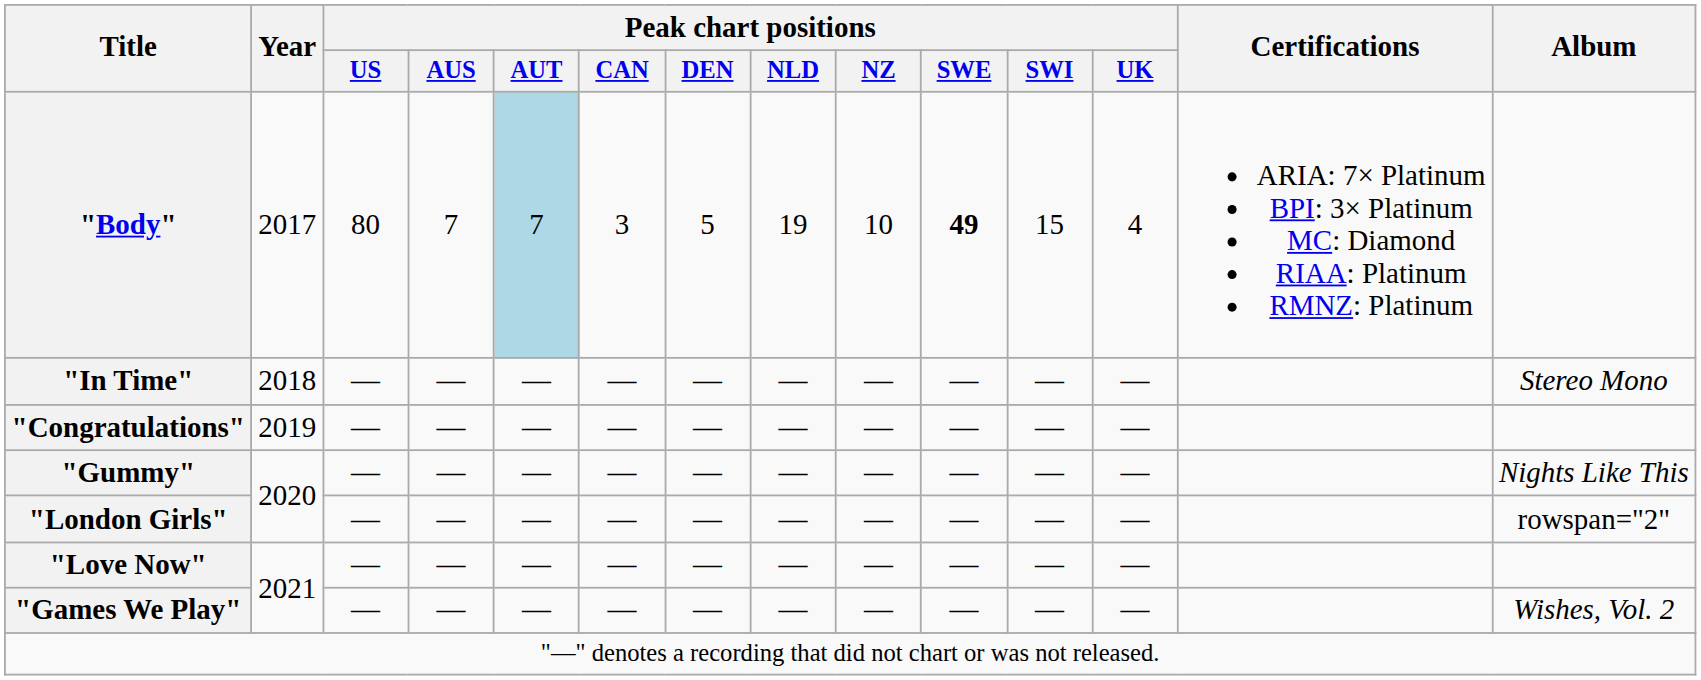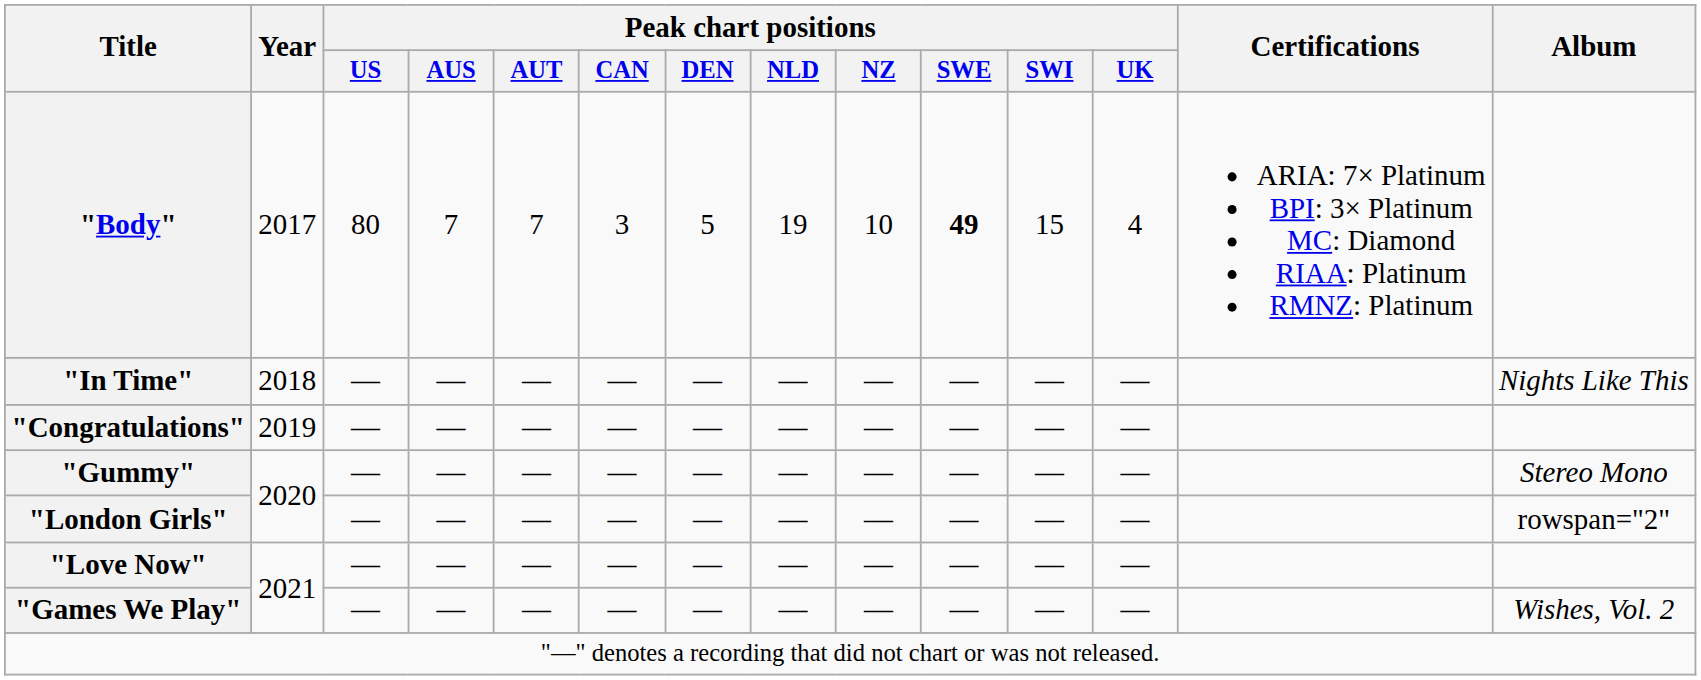 <table class="wikitable plainrowheaders" style="text-align:center;">
 <tr>
 <th scope="col" rowspan="2">Title</th>
 <th scope="col" rowspan="2">Year</th>
 <th scope="col" colspan="10">Peak chart positions</th>
 <th scope="col" rowspan="2">Certifications</th>
 <th scope="col" rowspan="2">Album</th>
 </tr>
 <tr>
 <th scope="col" style="width:3em;font-size:85%;"><a href='#'>US</a><br></th>
 <th scope="col" style="width:3em;font-size:85%;"><a href='#'>AUS</a><br></th>
 <th scope="col" style="width:3em;font-size:85%;"><a href='#'>AUT</a><br></th>
 <th scope="col" style="width:3em;font-size:85%;"><a href='#'>CAN</a><br></th>
 <th scope="col" style="width:3em;font-size:85%;"><a href='#'>DEN</a><br></th>
 <th scope="col" style="width:3em;font-size:85%;"><a href='#'>NLD</a><br></th>
 <th scope="col" style="width:3em;font-size:85%;"><a href='#'>NZ</a><br></th>
 <th scope="col" style="width:3em;font-size:85%;"><a href='#'>SWE</a><br></th>
 <th scope="col" style="width:3em;font-size:85%;"><a href='#'>SWI</a><br></th>
 <th scope="col" style="width:3em;font-size:85%;"><a href='#'>UK</a><br></th>
 </tr>
 <tr>
 <th scope="row">"<a href='#'>Body</a>"<br></th>
 <td>2017</td>
 <td>80</td>
 <td>7</td>
-<td style="background: lightblue;">7</td>
+<td>7</td>
 <td>3</td>
 <td>5</td>
 <td>19</td>
 <td>10</td>
 <td><strong>49</strong></td>
 <td>15</td>
 <td>4</td>
 <td><br><ul><li>ARIA: 7× Platinum</li><li><a href='#'>BPI</a>: 3× Platinum</li><li><a href='#'>MC</a>: Diamond</li><li><a href='#'>RIAA</a>: Platinum</li><li><a href='#'>RMNZ</a>: Platinum</li></ul></td>
 <td></td>
 </tr>
 <tr>
 <th scope="row">"In Time"<br></th>
 <td>2018</td>
 <td>—</td>
 <td>—</td>
 <td>—</td>
 <td>—</td>
 <td>—</td>
 <td>—</td>
 <td>—</td>
 <td>—</td>
 <td>—</td>
 <td>—</td>
 <td></td>
-<td><em>Stereo Mono</em></td>
+<td><em>Nights Like This</em></td>
 </tr>
 <tr>
 <th scope="row">"Congratulations"<br></th>
 <td>2019</td>
 <td>—</td>
 <td>—</td>
 <td>—</td>
 <td>—</td>
 <td>—</td>
 <td>—</td>
 <td>—</td>
 <td>—</td>
 <td>—</td>
 <td>—</td>
 <td></td>
 <td></td>
 </tr>
 <tr>
 <th scope="row">"Gummy"<br></th>
 <td rowspan="2">2020</td>
 <td>—</td>
 <td>—</td>
 <td>—</td>
 <td>—</td>
 <td>—</td>
 <td>—</td>
 <td>—</td>
 <td>—</td>
 <td>—</td>
 <td>—</td>
 <td></td>
-<td><em>Nights Like This</em></td>
+<td><em>Stereo Mono</em></td>
 </tr>
 <tr>
 <th scope="row">"London Girls"<br></th>
 <td>—</td>
 <td>—</td>
 <td>—</td>
 <td>—</td>
 <td>—</td>
 <td>—</td>
 <td>—</td>
 <td>—</td>
 <td>—</td>
 <td>—</td>
 <td></td>
 <td>rowspan="2" </td>
 </tr>
 <tr>
 <th scope="row">"Love Now"<br></th>
 <td rowspan="2">2021</td>
 <td>—</td>
 <td>—</td>
 <td>—</td>
 <td>—</td>
 <td>—</td>
 <td>—</td>
 <td>—</td>
 <td>—</td>
 <td>—</td>
 <td>—</td>
 <td></td>
 </tr>
 <tr>
 <th scope="row">"Games We Play"<br></th>
 <td>—</td>
 <td>—</td>
 <td>—</td>
 <td>—</td>
 <td>—</td>
 <td>—</td>
 <td>—</td>
 <td>—</td>
 <td>—</td>
 <td>—</td>
 <td></td>
 <td><em>Wishes, Vol. 2</em></td>
 </tr>
 <tr>
 <td colspan="14" style="font-size:85%">"—" denotes a recording that did not chart or was not released.</td>
 </tr>
 </table>
